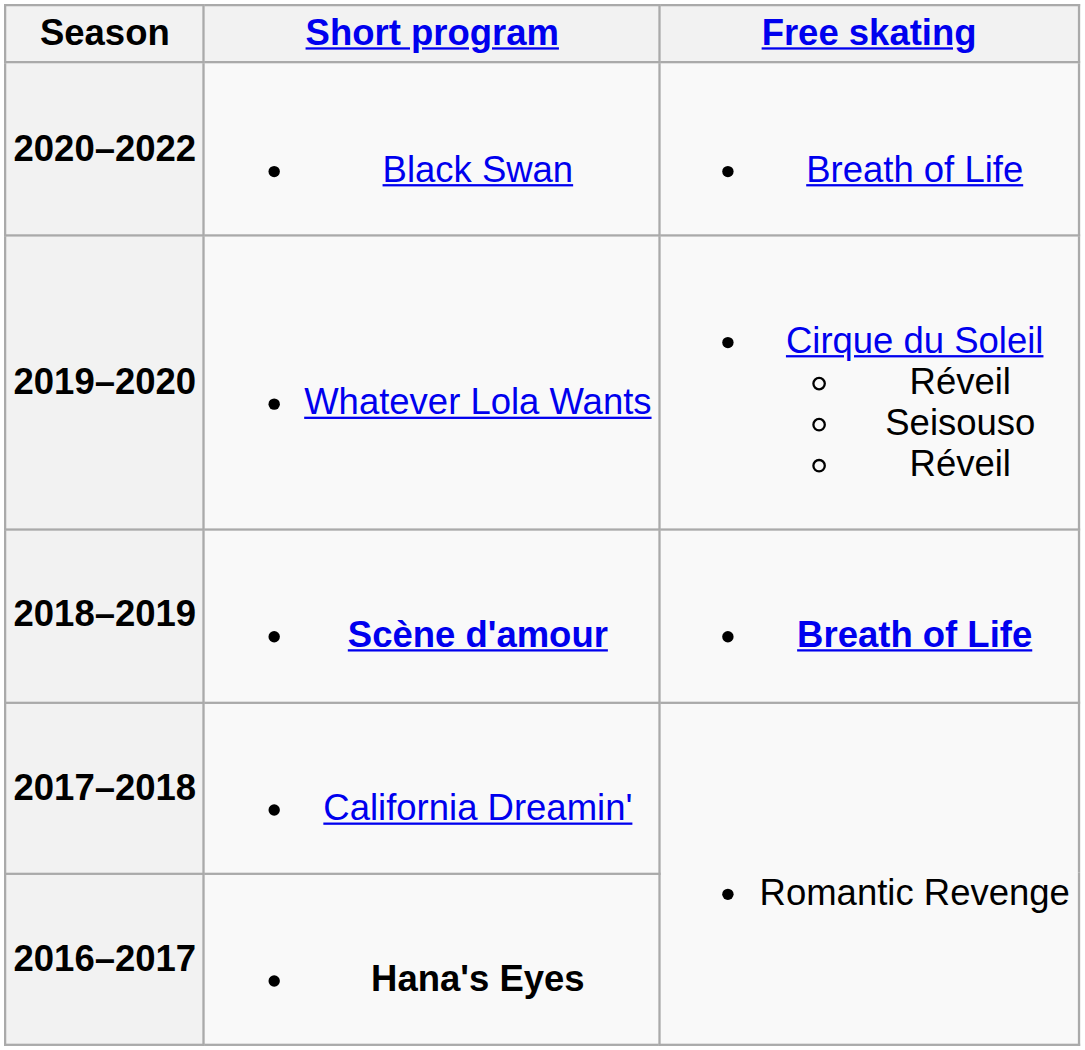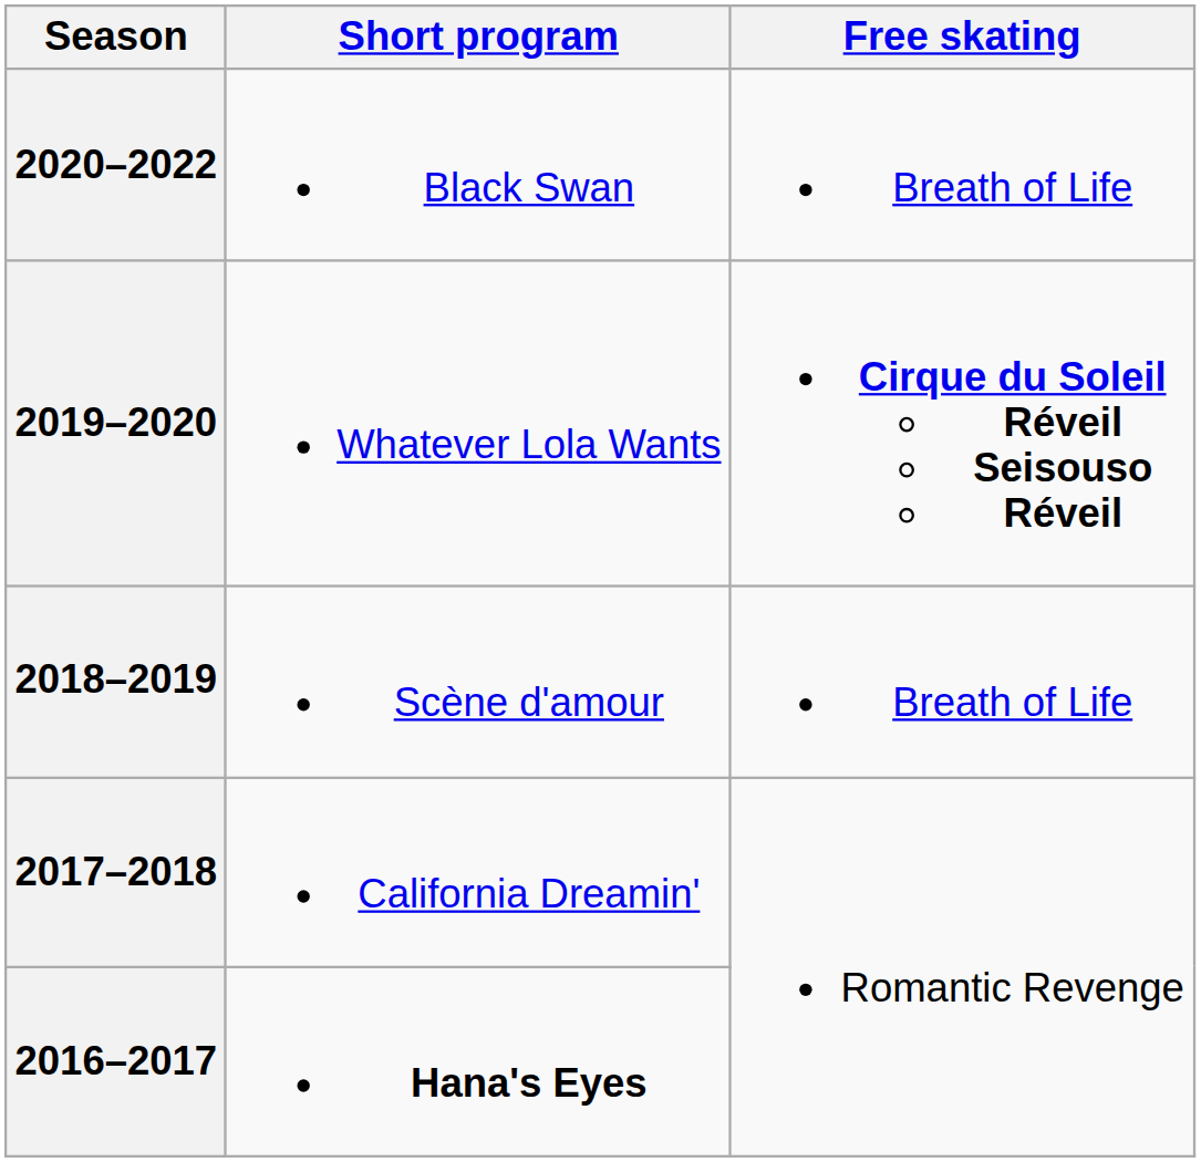 <table class=wikitable style=text-align:center>
 <tr>
 <th>Season</th>
 <th><a href='#'>Short program</a></th>
 <th><a href='#'>Free skating</a></th>
 </tr>
 <tr>
 <th>2020–2022</th>
 <td><br><ul><li><a href='#'>Black Swan</a> <br></li></ul></td>
 <td><br><ul><li><a href='#'>Breath of Life</a> <br></li></ul></td>
 </tr>
 <tr>
 <th>2019–2020 <br> </th>
 <td><br><ul><li><a href='#'>Whatever Lola Wants</a><br></li></ul></td>
-<td><br><ul><li><a href='#'>Cirque du Soleil</a><ul><li>Réveil</li><li>Seisouso</li><li>Réveil<br></li></ul></li></ul></td>
+<td><strong><br><ul><li><a href='#'>Cirque du Soleil</a><ul><li>Réveil</li><li>Seisouso</li><li>Réveil<br></li></ul></li></ul></strong></td>
 </tr>
 <tr>
 <th>2018–2019 <br> </th>
-<td><strong><br><ul><li><a href='#'>Scène d'amour</a> <br></li></ul></strong></td>
-<td><strong><br><ul><li><a href='#'>Breath of Life</a> <br></li></ul></strong></td>
+<td><br><ul><li><a href='#'>Scène d'amour</a> <br></li></ul></td>
+<td><br><ul><li><a href='#'>Breath of Life</a> <br></li></ul></td>
 </tr>
 <tr>
 <th>2017–2018 <br> </th>
 <td><br><ul><li><a href='#'>California Dreamin'</a> <br></li></ul></td>
 <td rowspan=2><br><ul><li>Romantic Revenge <br></li></ul></td>
 </tr>
 <tr>
 <th>2016–2017 <br> </th>
 <td><strong><br><ul><li>Hana's Eyes <br></li></ul></strong></td>
 </tr>
 </table>
